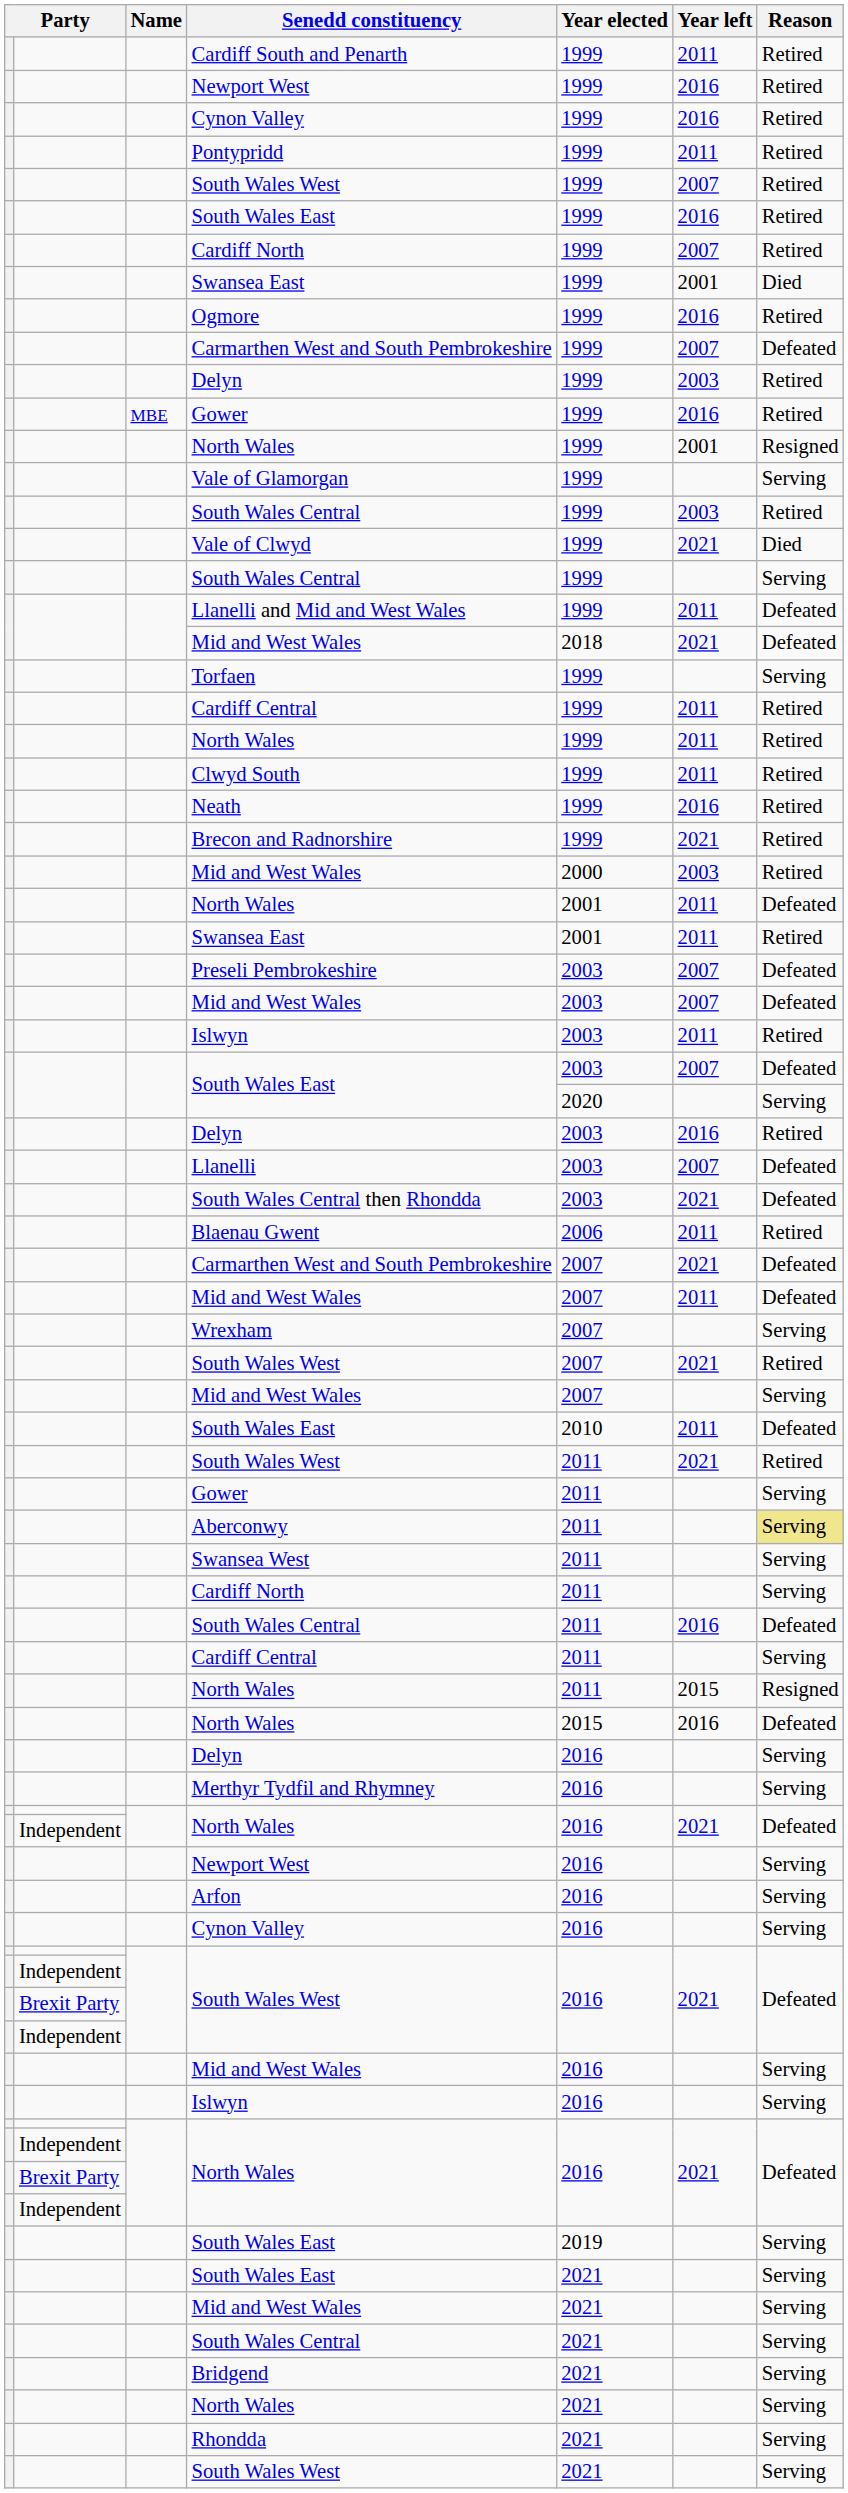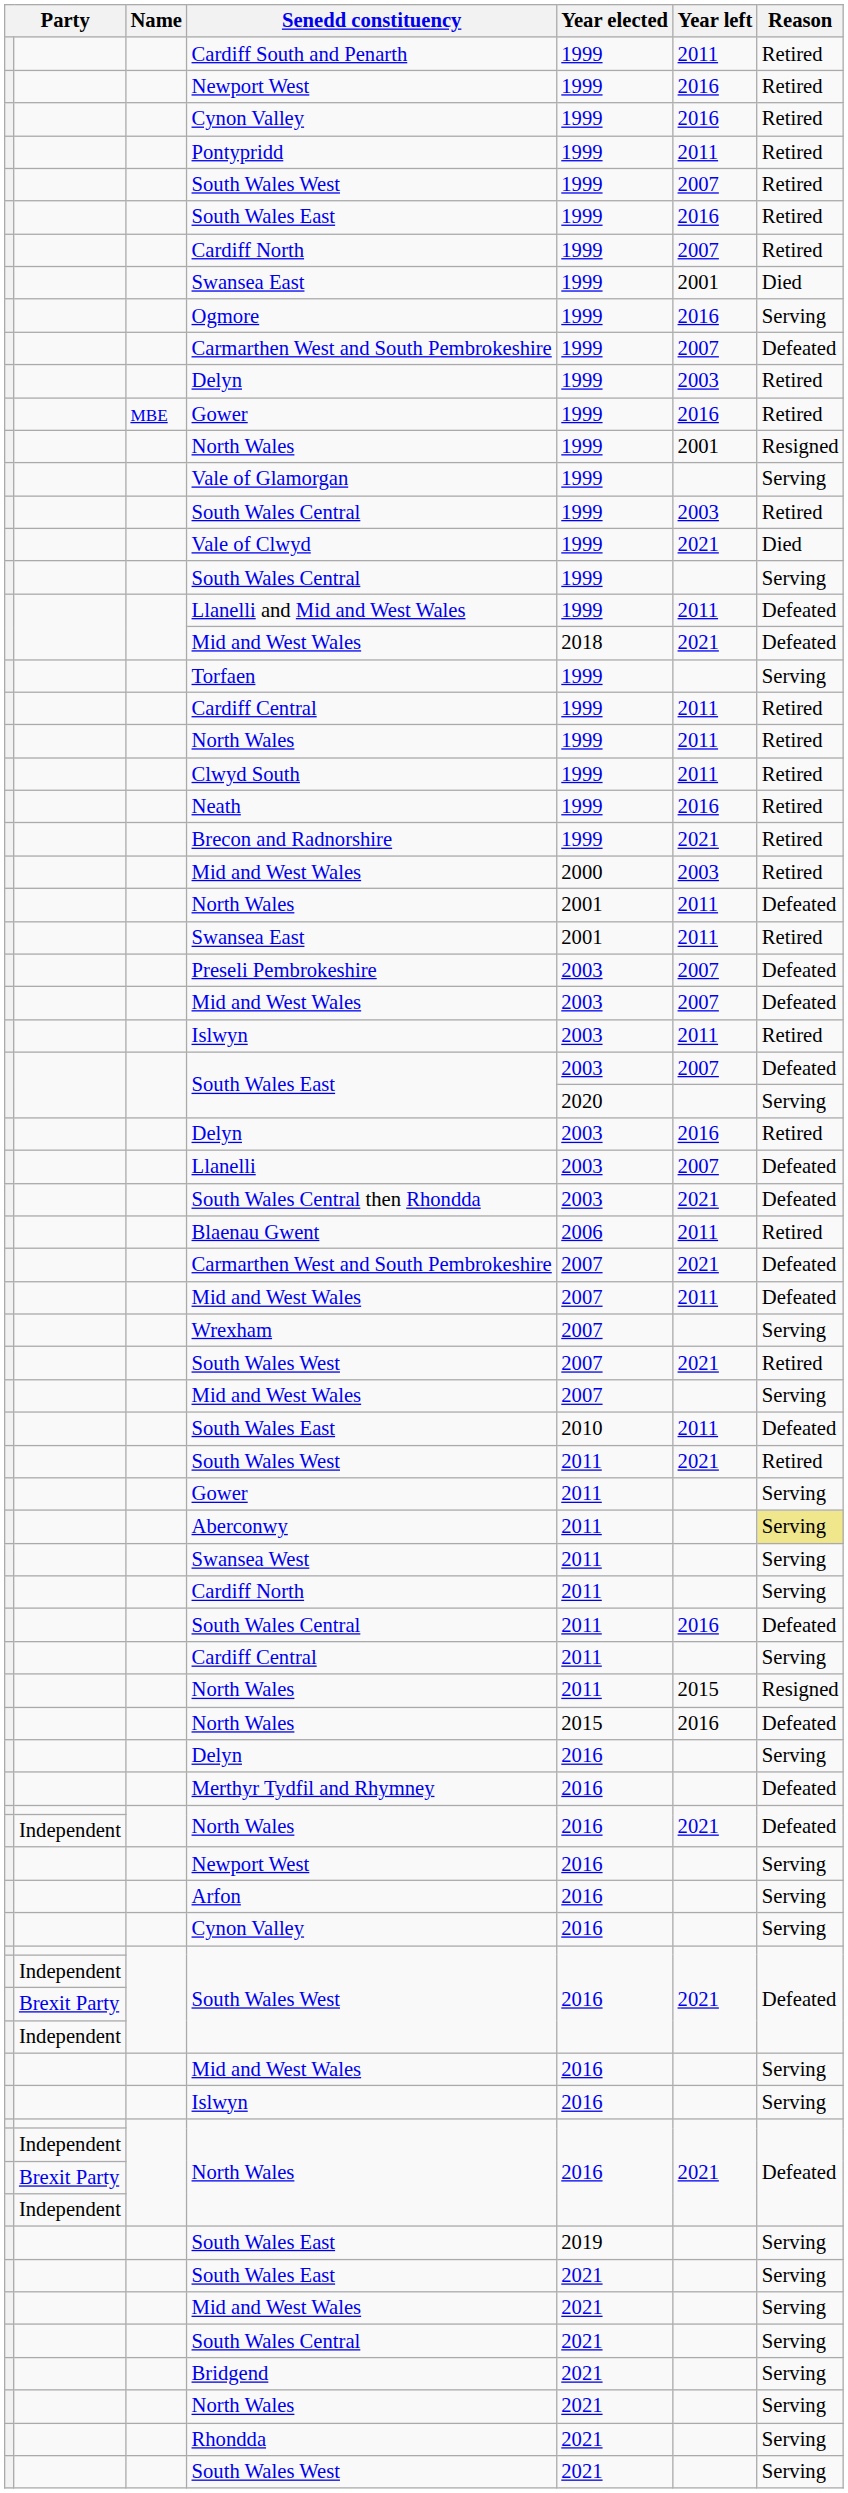 <table class="wikitable sortable">
 <tr>
 <th colspan=2>Party</th>
 <th>Name</th>
 <th><a href='#'>Senedd constituency</a></th>
 <th>Year elected</th>
 <th>Year left</th>
 <th>Reason</th>
 </tr>
 <tr>
 <th style="background-color: "></th>
 <td></td>
 <td></td>
 <td><a href='#'>Cardiff South and Penarth</a></td>
 <td><a href='#'>1999</a></td>
 <td><a href='#'>2011</a></td>
 <td>Retired</td>
 </tr>
 <tr>
 <th style="background-color: "></th>
 <td></td>
 <td></td>
 <td><a href='#'>Newport West</a></td>
 <td><a href='#'>1999</a></td>
 <td><a href='#'>2016</a></td>
 <td>Retired</td>
 </tr>
 <tr>
 <th style="background-color: "></th>
 <td></td>
 <td></td>
 <td><a href='#'>Cynon Valley</a></td>
 <td><a href='#'>1999</a></td>
 <td><a href='#'>2016</a></td>
 <td>Retired</td>
 </tr>
 <tr>
 <th style="background-color: "></th>
 <td></td>
 <td></td>
 <td><a href='#'>Pontypridd</a></td>
 <td><a href='#'>1999</a></td>
 <td><a href='#'>2011</a></td>
 <td>Retired</td>
 </tr>
 <tr>
 <th style="background-color: "></th>
 <td></td>
 <td></td>
 <td><a href='#'>South Wales West</a></td>
 <td><a href='#'>1999</a></td>
 <td><a href='#'>2007</a></td>
 <td>Retired</td>
 </tr>
 <tr>
 <th style="background-color: "></th>
 <td></td>
 <td></td>
 <td><a href='#'>South Wales East</a></td>
 <td><a href='#'>1999</a></td>
 <td><a href='#'>2016</a></td>
 <td>Retired</td>
 </tr>
 <tr>
 <th style="background-color: "></th>
 <td></td>
 <td></td>
 <td><a href='#'>Cardiff North</a></td>
 <td><a href='#'>1999</a></td>
 <td><a href='#'>2007</a></td>
 <td>Retired</td>
 </tr>
 <tr>
 <th style="background-color: "></th>
 <td></td>
 <td></td>
 <td><a href='#'>Swansea East</a></td>
 <td><a href='#'>1999</a></td>
 <td>2001</td>
 <td>Died</td>
 </tr>
 <tr>
 <th style="background-color: "></th>
 <td></td>
 <td></td>
 <td><a href='#'>Ogmore</a></td>
 <td><a href='#'>1999</a></td>
 <td><a href='#'>2016</a></td>
-<td>Retired</td>
+<td>Serving</td>
 </tr>
 <tr>
 <th style="background-color: "></th>
 <td></td>
 <td></td>
 <td><a href='#'>Carmarthen West and South Pembrokeshire</a></td>
 <td><a href='#'>1999</a></td>
 <td><a href='#'>2007</a></td>
 <td>Defeated</td>
 </tr>
 <tr>
 <th style="background-color: "></th>
 <td></td>
 <td></td>
 <td><a href='#'>Delyn</a></td>
 <td><a href='#'>1999</a></td>
 <td><a href='#'>2003</a></td>
 <td>Retired</td>
 </tr>
 <tr>
 <th style="background-color: "></th>
 <td></td>
 <td> <small><a href='#'>MBE</a></small></td>
 <td><a href='#'>Gower</a></td>
 <td><a href='#'>1999</a></td>
 <td><a href='#'>2016</a></td>
 <td>Retired</td>
 </tr>
 <tr>
 <th style="background-color: "></th>
 <td></td>
 <td></td>
 <td><a href='#'>North Wales</a></td>
 <td><a href='#'>1999</a></td>
 <td>2001</td>
 <td>Resigned</td>
 </tr>
 <tr>
 <th style="background-color: "></th>
 <td></td>
 <td></td>
 <td><a href='#'>Vale of Glamorgan</a></td>
 <td><a href='#'>1999</a></td>
 <td></td>
 <td>Serving</td>
 </tr>
 <tr>
 <th style="background-color: "></th>
 <td></td>
 <td></td>
 <td><a href='#'>South Wales Central</a></td>
 <td><a href='#'>1999</a></td>
 <td><a href='#'>2003</a></td>
 <td>Retired</td>
 </tr>
 <tr>
 <th style="background-color: "></th>
 <td></td>
 <td></td>
 <td><a href='#'>Vale of Clwyd</a></td>
 <td><a href='#'>1999</a></td>
 <td><a href='#'>2021</a></td>
 <td>Died</td>
 </tr>
 <tr>
 <th style="background-color: "></th>
 <td></td>
 <td></td>
 <td><a href='#'>South Wales Central</a></td>
 <td><a href='#'>1999</a></td>
 <td></td>
 <td>Serving</td>
 </tr>
 <tr>
 <th rowspan=2 style="background-color: "></th>
 <td rowspan=2></td>
 <td rowspan=2></td>
 <td><a href='#'>Llanelli</a> and <a href='#'>Mid and West Wales</a></td>
 <td><a href='#'>1999</a></td>
 <td><a href='#'>2011</a></td>
 <td>Defeated</td>
 </tr>
 <tr>
 <td><a href='#'>Mid and West Wales</a></td>
 <td>2018</td>
 <td><a href='#'>2021</a></td>
 <td>Defeated</td>
 </tr>
 <tr>
 <th style="background-color: "></th>
 <td></td>
 <td></td>
 <td><a href='#'>Torfaen</a></td>
 <td><a href='#'>1999</a></td>
 <td></td>
 <td>Serving</td>
 </tr>
 <tr>
 <th style="background-color: "></th>
 <td></td>
 <td></td>
 <td><a href='#'>Cardiff Central</a></td>
 <td><a href='#'>1999</a></td>
 <td><a href='#'>2011</a></td>
 <td>Retired</td>
 </tr>
 <tr>
 <th style="background-color: "></th>
 <td></td>
 <td></td>
 <td><a href='#'>North Wales</a></td>
 <td><a href='#'>1999</a></td>
 <td><a href='#'>2011</a></td>
 <td>Retired</td>
 </tr>
 <tr>
 <th style="background-color: "></th>
 <td></td>
 <td></td>
 <td><a href='#'>Clwyd South</a></td>
 <td><a href='#'>1999</a></td>
 <td><a href='#'>2011</a></td>
 <td>Retired</td>
 </tr>
 <tr>
 <th style="background-color: "></th>
 <td></td>
 <td></td>
 <td><a href='#'>Neath</a></td>
 <td><a href='#'>1999</a></td>
 <td><a href='#'>2016</a></td>
 <td>Retired</td>
 </tr>
 <tr>
 <th style="background-color: "></th>
 <td></td>
 <td></td>
 <td><a href='#'>Brecon and Radnorshire</a></td>
 <td><a href='#'>1999</a></td>
 <td><a href='#'>2021</a></td>
 <td>Retired</td>
 </tr>
 <tr>
 <th style="background-color: "></th>
 <td></td>
 <td></td>
 <td><a href='#'>Mid and West Wales</a></td>
 <td>2000</td>
 <td><a href='#'>2003</a></td>
 <td>Retired</td>
 </tr>
 <tr>
 <th style="background-color: "></th>
 <td></td>
 <td></td>
 <td><a href='#'>North Wales</a></td>
 <td>2001</td>
 <td><a href='#'>2011</a></td>
 <td>Defeated</td>
 </tr>
 <tr>
 <th style="background-color: "></th>
 <td></td>
 <td></td>
 <td><a href='#'>Swansea East</a></td>
 <td>2001</td>
 <td><a href='#'>2011</a></td>
 <td>Retired</td>
 </tr>
 <tr>
 <th style="background-color: "></th>
 <td></td>
 <td></td>
 <td><a href='#'>Preseli Pembrokeshire</a></td>
 <td><a href='#'>2003</a></td>
 <td><a href='#'>2007</a></td>
 <td>Defeated</td>
 </tr>
 <tr>
 <th style="background-color: "></th>
 <td></td>
 <td></td>
 <td><a href='#'>Mid and West Wales</a></td>
 <td><a href='#'>2003</a></td>
 <td><a href='#'>2007</a></td>
 <td>Defeated</td>
 </tr>
 <tr>
 <th style="background-color: "></th>
 <td></td>
 <td></td>
 <td><a href='#'>Islwyn</a></td>
 <td><a href='#'>2003</a></td>
 <td><a href='#'>2011</a></td>
 <td>Retired</td>
 </tr>
 <tr>
 <th rowspan=2 style="background-color: "></th>
 <td rowspan=2></td>
 <td rowspan=2></td>
 <td rowspan=2><a href='#'>South Wales East</a></td>
 <td><a href='#'>2003</a></td>
 <td><a href='#'>2007</a></td>
 <td>Defeated</td>
 </tr>
 <tr>
 <td>2020</td>
 <td></td>
 <td>Serving</td>
 </tr>
 <tr>
 <th style="background-color: "></th>
 <td></td>
 <td></td>
 <td><a href='#'>Delyn</a></td>
 <td><a href='#'>2003</a></td>
 <td><a href='#'>2016</a></td>
 <td>Retired</td>
 </tr>
 <tr>
 <th style="background-color: "></th>
 <td></td>
 <td></td>
 <td><a href='#'>Llanelli</a></td>
 <td><a href='#'>2003</a></td>
 <td><a href='#'>2007</a></td>
 <td>Defeated</td>
 </tr>
 <tr>
 <th style="background-color: "></th>
 <td></td>
 <td></td>
 <td><a href='#'>South Wales Central</a> then <a href='#'>Rhondda</a></td>
 <td><a href='#'>2003</a></td>
 <td><a href='#'>2021</a></td>
 <td>Defeated</td>
 </tr>
 <tr>
 <th style="background-color: "></th>
 <td></td>
 <td></td>
 <td><a href='#'>Blaenau Gwent</a></td>
 <td><a href='#'>2006</a></td>
 <td><a href='#'>2011</a></td>
 <td>Retired</td>
 </tr>
 <tr>
 <th style="background-color: "></th>
 <td></td>
 <td></td>
 <td><a href='#'>Carmarthen West and South Pembrokeshire</a></td>
 <td><a href='#'>2007</a></td>
 <td><a href='#'>2021</a></td>
 <td>Defeated</td>
 </tr>
 <tr>
 <th style="background-color: "></th>
 <td></td>
 <td></td>
 <td><a href='#'>Mid and West Wales</a></td>
 <td><a href='#'>2007</a></td>
 <td><a href='#'>2011</a></td>
 <td>Defeated</td>
 </tr>
 <tr>
 <th style="background-color: "></th>
 <td></td>
 <td></td>
 <td><a href='#'>Wrexham</a></td>
 <td><a href='#'>2007</a></td>
 <td></td>
 <td>Serving</td>
 </tr>
 <tr>
 <th style="background-color: "></th>
 <td></td>
 <td></td>
 <td><a href='#'>South Wales West</a></td>
 <td><a href='#'>2007</a></td>
 <td><a href='#'>2021</a></td>
 <td>Retired</td>
 </tr>
 <tr>
 <th style="background-color: "></th>
 <td></td>
 <td></td>
 <td><a href='#'>Mid and West Wales</a></td>
 <td><a href='#'>2007</a></td>
 <td></td>
 <td>Serving</td>
 </tr>
 <tr>
 <th style="background-color: "></th>
 <td></td>
 <td></td>
 <td><a href='#'>South Wales East</a></td>
 <td>2010</td>
 <td><a href='#'>2011</a></td>
 <td>Defeated</td>
 </tr>
 <tr>
 <th style="background-color: "></th>
 <td></td>
 <td></td>
 <td><a href='#'>South Wales West</a></td>
 <td><a href='#'>2011</a></td>
 <td><a href='#'>2021</a></td>
 <td>Retired</td>
 </tr>
 <tr>
 <th style="background-color: "></th>
 <td></td>
 <td></td>
 <td><a href='#'>Gower</a></td>
 <td><a href='#'>2011</a></td>
 <td></td>
 <td>Serving</td>
 </tr>
 <tr>
 <th style="background-color: "></th>
 <td></td>
 <td></td>
 <td><a href='#'>Aberconwy</a></td>
 <td><a href='#'>2011</a></td>
 <td></td>
 <td style="background: khaki;">Serving</td>
 </tr>
 <tr>
 <th style="background-color: "></th>
 <td></td>
 <td></td>
 <td><a href='#'>Swansea West</a></td>
 <td><a href='#'>2011</a></td>
 <td></td>
 <td>Serving</td>
 </tr>
 <tr>
 <th style="background-color: "></th>
 <td></td>
 <td></td>
 <td><a href='#'>Cardiff North</a></td>
 <td><a href='#'>2011</a></td>
 <td></td>
 <td>Serving</td>
 </tr>
 <tr>
 <th style="background-color: "></th>
 <td></td>
 <td></td>
 <td><a href='#'>South Wales Central</a></td>
 <td><a href='#'>2011</a></td>
 <td><a href='#'>2016</a></td>
 <td>Defeated</td>
 </tr>
 <tr>
 <th style="background-color: "></th>
 <td></td>
 <td></td>
 <td><a href='#'>Cardiff Central</a></td>
 <td><a href='#'>2011</a></td>
 <td></td>
 <td>Serving</td>
 </tr>
 <tr>
 <th style="background-color: "></th>
 <td></td>
 <td></td>
 <td><a href='#'>North Wales</a></td>
 <td><a href='#'>2011</a></td>
 <td>2015</td>
 <td>Resigned</td>
 </tr>
 <tr>
 <th style="background-color: "></th>
 <td></td>
 <td> </td>
 <td><a href='#'>North Wales</a></td>
 <td>2015</td>
 <td>2016</td>
 <td>Defeated</td>
 </tr>
 <tr>
 <th style="background-color: "></th>
 <td></td>
 <td></td>
 <td><a href='#'>Delyn</a></td>
 <td><a href='#'>2016</a></td>
 <td></td>
 <td>Serving</td>
 </tr>
 <tr>
 <th style="background-color: "></th>
 <td></td>
 <td></td>
 <td><a href='#'>Merthyr Tydfil and Rhymney</a></td>
 <td><a href='#'>2016</a></td>
 <td></td>
-<td>Serving</td>
+<td>Defeated</td>
 </tr>
 <tr>
 <th style="background-color: "></th>
 <td></td>
 <td rowspan=2></td>
 <td rowspan=2><a href='#'>North Wales</a></td>
 <td rowspan=2><a href='#'>2016</a></td>
 <td rowspan=2><a href='#'>2021</a></td>
 <td rowspan=2>Defeated</td>
 </tr>
 <tr>
 <th style="background-color: "></th>
 <td>Independent</td>
 </tr>
 <tr>
 <th style="background-color: "></th>
 <td></td>
 <td></td>
 <td><a href='#'>Newport West</a></td>
 <td><a href='#'>2016</a></td>
 <td></td>
 <td>Serving</td>
 </tr>
 <tr>
 <th style="background-color: "></th>
 <td></td>
 <td></td>
 <td><a href='#'>Arfon</a></td>
 <td><a href='#'>2016</a></td>
 <td></td>
 <td>Serving</td>
 </tr>
 <tr>
 <th style="background-color: "></th>
 <td></td>
 <td></td>
 <td><a href='#'>Cynon Valley</a></td>
 <td><a href='#'>2016</a></td>
 <td></td>
 <td>Serving</td>
 </tr>
 <tr>
 <th style="background-color: "></th>
 <td></td>
 <td rowspan=4></td>
 <td rowspan=4><a href='#'>South Wales West</a></td>
 <td rowspan=4><a href='#'>2016</a></td>
 <td rowspan=4><a href='#'>2021</a></td>
 <td rowspan=4>Defeated</td>
 </tr>
 <tr>
 <th style="background-color: "></th>
 <td>Independent</td>
 </tr>
 <tr>
 <th style="background-color: "></th>
 <td><a href='#'>Brexit Party</a></td>
 </tr>
 <tr>
 <th style="background-color: "></th>
 <td>Independent</td>
 </tr>
 <tr>
 <th style="background-color: "></th>
 <td></td>
 <td></td>
 <td><a href='#'>Mid and West Wales</a></td>
 <td><a href='#'>2016</a></td>
 <td></td>
 <td>Serving</td>
 </tr>
 <tr>
 <th style="background-color: "></th>
 <td></td>
 <td></td>
 <td><a href='#'>Islwyn</a></td>
 <td><a href='#'>2016</a></td>
 <td></td>
 <td>Serving</td>
 </tr>
 <tr>
 <th style="background-color: "></th>
 <td></td>
 <td rowspan=4></td>
 <td rowspan=4><a href='#'>North Wales</a></td>
 <td rowspan=4><a href='#'>2016</a></td>
 <td rowspan=4><a href='#'>2021</a></td>
 <td rowspan=4>Defeated</td>
 </tr>
 <tr>
 <th style="background-color: "></th>
 <td>Independent</td>
 </tr>
 <tr>
 <th style="background-color: "></th>
 <td><a href='#'>Brexit Party</a></td>
 </tr>
 <tr>
 <th style="background-color: "></th>
 <td>Independent</td>
 </tr>
 <tr>
 <th style="background-color: "></th>
 <td></td>
 <td></td>
 <td><a href='#'>South Wales East</a></td>
 <td>2019</td>
 <td></td>
 <td>Serving</td>
 </tr>
 <tr>
 <th style="background-color: "></th>
 <td></td>
 <td></td>
 <td><a href='#'>South Wales East</a></td>
 <td><a href='#'>2021</a></td>
 <td></td>
 <td>Serving</td>
 </tr>
 <tr>
 <th style="background-color: "></th>
 <td></td>
 <td></td>
 <td><a href='#'>Mid and West Wales</a></td>
 <td><a href='#'>2021</a></td>
 <td></td>
 <td>Serving</td>
 </tr>
 <tr>
 <th style="background-color: "></th>
 <td></td>
 <td></td>
 <td><a href='#'>South Wales Central</a></td>
 <td><a href='#'>2021</a></td>
 <td></td>
 <td>Serving</td>
 </tr>
 <tr>
 <th style="background-color: "></th>
 <td></td>
 <td></td>
 <td><a href='#'>Bridgend</a></td>
 <td><a href='#'>2021</a></td>
 <td></td>
 <td>Serving</td>
 </tr>
 <tr>
 <th style="background-color: "></th>
 <td></td>
 <td></td>
 <td><a href='#'>North Wales</a></td>
 <td><a href='#'>2021</a></td>
 <td></td>
 <td>Serving</td>
 </tr>
 <tr>
 <th style="background-color: "></th>
 <td></td>
 <td></td>
 <td><a href='#'>Rhondda</a></td>
 <td><a href='#'>2021</a></td>
 <td></td>
 <td>Serving</td>
 </tr>
 <tr>
 <th style="background-color: "></th>
 <td></td>
 <td></td>
 <td><a href='#'>South Wales West</a></td>
 <td><a href='#'>2021</a></td>
 <td></td>
 <td>Serving</td>
 </tr>
 </table>
